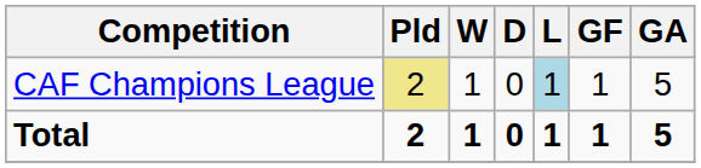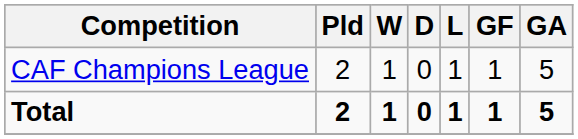 <table class="wikitable">
 <tr>
 <th>Competition</th>
 <th>Pld</th>
 <th>W</th>
 <th>D</th>
 <th>L</th>
 <th>GF</th>
 <th>GA</th>
 </tr>
 <tr>
 <td><a href='#'>CAF Champions League</a></td>
-<td style="background: khaki; text-align:center;">2</td>
+<td style="text-align:center;">2</td>
 <td style="text-align:center;">1</td>
 <td style="text-align:center;">0</td>
-<td style="background: lightblue; text-align:center;">1</td>
+<td style="text-align:center;">1</td>
 <td style="text-align:center;">1</td>
 <td style="text-align:center;">5</td>
 </tr>
 <tr>
 <td><strong>Total</strong></td>
 <td style="text-align:center;"><strong>2</strong></td>
 <td style="text-align:center;"><strong>1</strong></td>
 <td style="text-align:center;"><strong>0</strong></td>
 <td style="text-align:center;"><strong>1</strong></td>
 <td style="text-align:center;"><strong>1</strong></td>
 <td style="text-align:center;"><strong>5</strong></td>
 </tr>
 <tr>
 </tr>
 </table>
